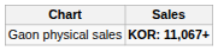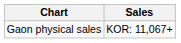 <table class="wikitable">
 <tr>
 <th>Chart</th>
 <th>Sales</th>
 </tr>
 <tr>
 <td>Gaon physical sales</td>
-<td align="center"><strong>KOR: 11,067+</strong></td>
+<td align="center">KOR: 11,067+</td>
 </tr>
 </table>
